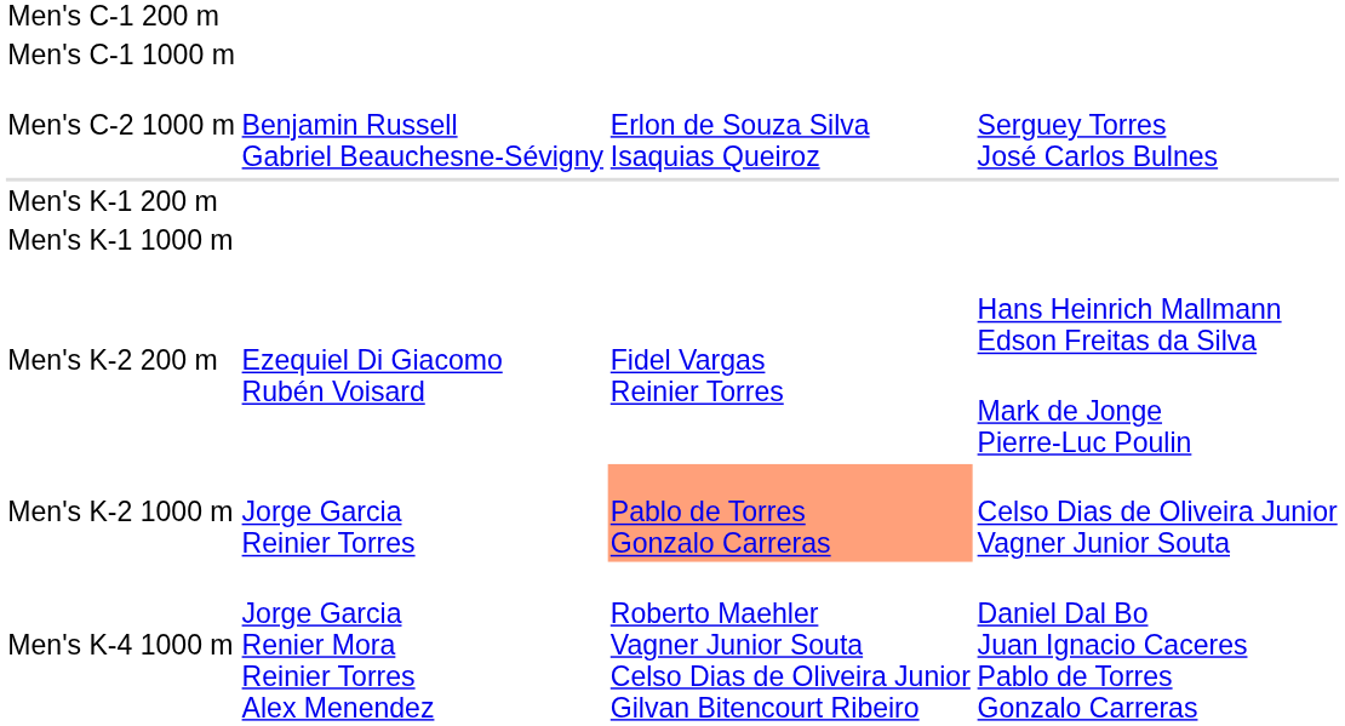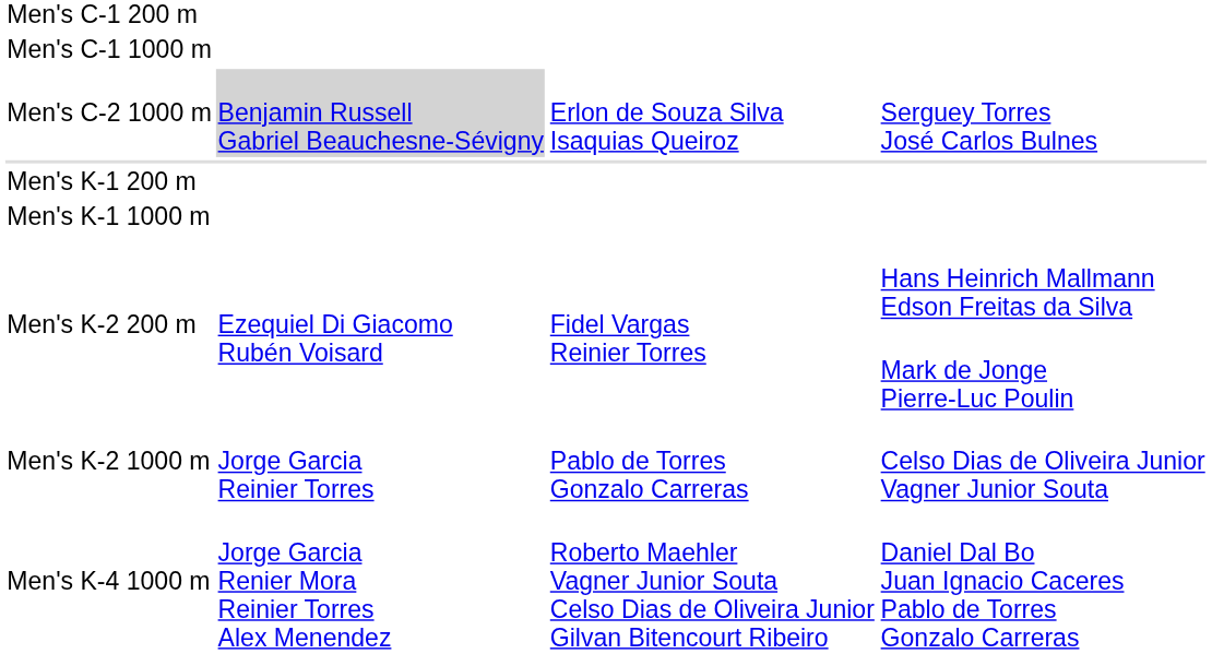 <table>
 <tr>
 <td>Men's C-1 200 m<br></td>
 <td></td>
 <td></td>
 <td></td>
 </tr>
 <tr>
 <td>Men's C-1 1000 m<br></td>
 <td></td>
 <td></td>
 <td></td>
 </tr>
 <tr>
 <td>Men's C-2 1000 m<br></td>
-<td><br><a href='#'>Benjamin Russell</a><br><a href='#'>Gabriel Beauchesne-Sévigny</a></td>
+<td style="background: lightgrey;"><br><a href='#'>Benjamin Russell</a><br><a href='#'>Gabriel Beauchesne-Sévigny</a></td>
 <td><br><a href='#'>Erlon de Souza Silva</a><br><a href='#'>Isaquias Queiroz</a></td>
 <td><br><a href='#'>Serguey Torres</a><br><a href='#'>José Carlos Bulnes</a></td>
 </tr>
 <tr bgcolor=#DDDDDD>
 <td colspan=7></td>
 </tr>
 <tr>
 <td>Men's K-1 200 m<br></td>
 <td></td>
 <td></td>
 <td></td>
 </tr>
 <tr>
 <td>Men's K-1 1000 m<br></td>
 <td></td>
 <td></td>
 <td></td>
 </tr>
 <tr>
 <td rowspan=2>Men's K-2 200 m<br></td>
 <td rowspan=2><br><a href='#'>Ezequiel Di Giacomo</a><br><a href='#'>Rubén Voisard</a></td>
 <td rowspan=2><br><a href='#'>Fidel Vargas</a><br><a href='#'>Reinier Torres</a></td>
 <td><br><a href='#'>Hans Heinrich Mallmann</a><br><a href='#'>Edson Freitas da Silva</a></td>
 </tr>
 <tr>
 <td><br><a href='#'>Mark de Jonge</a><br><a href='#'>Pierre-Luc Poulin</a></td>
 </tr>
 <tr>
 <td>Men's K-2 1000 m<br></td>
 <td><br><a href='#'>Jorge Garcia</a><br><a href='#'>Reinier Torres</a></td>
-<td style="background: lightsalmon;"><br><a href='#'>Pablo de Torres</a><br><a href='#'>Gonzalo Carreras</a></td>
+<td><br><a href='#'>Pablo de Torres</a><br><a href='#'>Gonzalo Carreras</a></td>
 <td><br><a href='#'>Celso Dias de Oliveira Junior</a><br><a href='#'>Vagner Junior Souta</a></td>
 </tr>
 <tr>
 <td>Men's K-4 1000 m<br></td>
 <td><br><a href='#'>Jorge Garcia</a><br><a href='#'>Renier Mora</a><br><a href='#'>Reinier Torres</a><br><a href='#'>Alex Menendez</a></td>
 <td><br><a href='#'>Roberto Maehler</a><br><a href='#'>Vagner Junior Souta</a><br><a href='#'>Celso Dias de Oliveira Junior</a><br><a href='#'>Gilvan Bitencourt Ribeiro</a></td>
 <td><br><a href='#'>Daniel Dal Bo</a><br><a href='#'>Juan Ignacio Caceres</a><br><a href='#'>Pablo de Torres</a><br><a href='#'>Gonzalo Carreras</a></td>
 </tr>
 </table>
